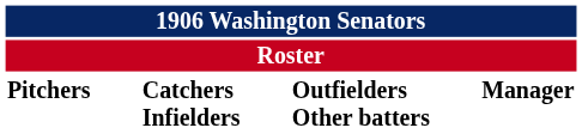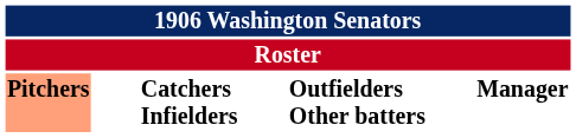 <table class="toccolours" style="font-size: 95%;">
 <tr>
 <th colspan="10" style="background-color: #072764; color: white; text-align: center;">1906 Washington Senators</th>
 </tr>
 <tr>
 <td colspan="10" style="background-color: #c6011f; color: white; text-align: center;"><strong>Roster</strong></td>
 </tr>
 <tr>
-<td valign="top"><strong>Pitchers</strong><br>           </td>
+<td valign="top" style="background: lightsalmon;"><strong>Pitchers</strong><br>           </td>
 <td width="25px"></td>
 <td valign="top"><strong>Catchers</strong><br>    <strong>Infielders</strong>       </td>
 <td width="25px"></td>
 <td valign="top"><strong>Outfielders</strong><br>    <strong>Other batters</strong> </td>
 <td width="25px"></td>
 <td valign="top"><strong>Manager</strong><br></td>
 </tr>
 </table>
